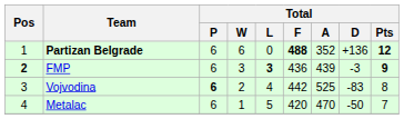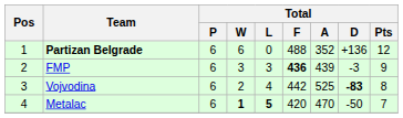 <table class="wikitable sortable" style="text-align: center; font-size:95%">
 <tr>
 <th width="44" rowspan=2>Pos</th>
 <th width="200" rowspan=2>Team</th>
 <th colspan=7>Total</th>
 </tr>
 <tr>
 <th width="30"><strong>P</strong></th>
 <th width="30"><strong>W</strong></th>
 <th width="30"><strong>L</strong></th>
 <th width="30"><strong>F</strong></th>
 <th width="30"><strong>A</strong></th>
 <th width="30"><strong>D</strong></th>
 <th width="30"><strong>Pts</strong></th>
 </tr>
 <tr style="background: #ddffdd">
 <td>1</td>
 <td align="left"><strong>Partizan Belgrade</strong></td>
 <td>6</td>
 <td>6</td>
 <td>0</td>
-<td><strong>488</strong></td>
+<td>488</td>
 <td>352</td>
 <td>+136</td>
-<td><strong>12</strong></td>
+<td>12</td>
 </tr>
 <tr style="background: #ddffdd">
-<td><strong>2</strong></td>
+<td>2</td>
 <td align="left"><a href='#'>FMP</a></td>
 <td>6</td>
 <td>3</td>
-<td><strong>3</strong></td>
-<td>436</td>
+<td>3</td>
+<td><strong>436</strong></td>
 <td>439</td>
 <td>-3</td>
-<td><strong>9</strong></td>
+<td>9</td>
 </tr>
 <tr style="background: #ddffdd">
 <td>3</td>
 <td align="left"><a href='#'>Vojvodina</a></td>
-<td><strong>6</strong></td>
+<td>6</td>
 <td>2</td>
 <td>4</td>
 <td>442</td>
 <td>525</td>
-<td>-83</td>
+<td><strong>-83</strong></td>
 <td>8</td>
 </tr>
 <tr style="background: #ddffdd">
 <td>4</td>
 <td align="left"><a href='#'>Metalac</a></td>
 <td>6</td>
-<td>1</td>
-<td>5</td>
+<td><strong>1</strong></td>
+<td><strong>5</strong></td>
 <td>420</td>
 <td>470</td>
 <td>-50</td>
 <td>7</td>
 </tr>
 <tr>
 </tr>
 </table>
